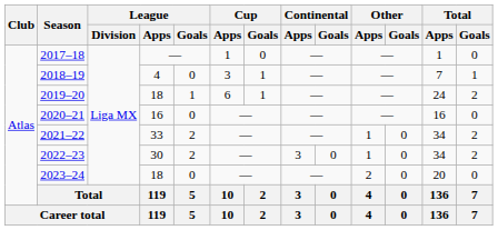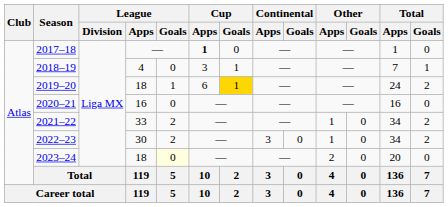 <table class="wikitable" style="text-align:center">
 <tr>
 <th rowspan="2">Club</th>
 <th rowspan="2">Season</th>
 <th colspan="3">League</th>
 <th colspan="2">Cup</th>
 <th colspan="2">Continental</th>
 <th colspan="2">Other</th>
 <th colspan="2">Total</th>
 </tr>
 <tr>
 <th>Division</th>
 <th>Apps</th>
 <th>Goals</th>
 <th>Apps</th>
 <th>Goals</th>
 <th>Apps</th>
 <th>Goals</th>
 <th>Apps</th>
 <th>Goals</th>
 <th>Apps</th>
 <th>Goals</th>
 </tr>
 <tr>
 <td rowspan="8"><a href='#'>Atlas</a></td>
 <td><a href='#'>2017–18</a></td>
 <td rowspan="7"><a href='#'>Liga MX</a></td>
 <td colspan=2>—</td>
-<td>1</td>
+<td><strong>1</strong></td>
 <td>0</td>
 <td colspan=2>—</td>
 <td colspan=2>—</td>
 <td>1</td>
 <td>0</td>
 </tr>
 <tr>
 <td><a href='#'>2018–19</a></td>
 <td>4</td>
 <td>0</td>
 <td>3</td>
 <td>1</td>
 <td colspan=2>—</td>
 <td colspan=2>—</td>
 <td>7</td>
 <td>1</td>
 </tr>
 <tr>
 <td><a href='#'>2019–20</a></td>
 <td>18</td>
 <td>1</td>
 <td>6</td>
-<td>1</td>
+<td style="background: gold;">1</td>
 <td colspan=2>—</td>
 <td colspan=2>—</td>
 <td>24</td>
 <td>2</td>
 </tr>
 <tr>
 <td><a href='#'>2020–21</a></td>
 <td>16</td>
 <td>0</td>
 <td colspan=2>—</td>
 <td colspan=2>—</td>
 <td colspan=2>—</td>
 <td>16</td>
 <td>0</td>
 </tr>
 <tr>
 <td><a href='#'>2021–22</a></td>
 <td>33</td>
 <td>2</td>
 <td colspan=2>—</td>
 <td colspan=2>—</td>
 <td>1</td>
 <td>0</td>
 <td>34</td>
 <td>2</td>
 </tr>
 <tr>
 <td><a href='#'>2022–23</a></td>
 <td>30</td>
 <td>2</td>
 <td colspan=2>—</td>
 <td>3</td>
 <td>0</td>
 <td>1</td>
 <td>0</td>
 <td>34</td>
 <td>2</td>
 </tr>
 <tr>
 <td><a href='#'>2023–24</a></td>
 <td>18</td>
-<td>0</td>
+<td style="background: lightyellow;">0</td>
 <td colspan=2>—</td>
 <td colspan=2>—</td>
 <td>2</td>
 <td>0</td>
 <td>20</td>
 <td>0</td>
 </tr>
 <tr>
 <th colspan="2">Total</th>
 <th>119</th>
 <th>5</th>
 <th>10</th>
 <th>2</th>
 <th>3</th>
 <th>0</th>
 <th>4</th>
 <th>0</th>
 <th>136</th>
 <th>7</th>
 </tr>
 <tr>
 <th colspan="3">Career total</th>
 <th>119</th>
 <th>5</th>
 <th>10</th>
 <th>2</th>
 <th>3</th>
 <th>0</th>
 <th>4</th>
 <th>0</th>
 <th>136</th>
 <th>7</th>
 </tr>
 </table>
